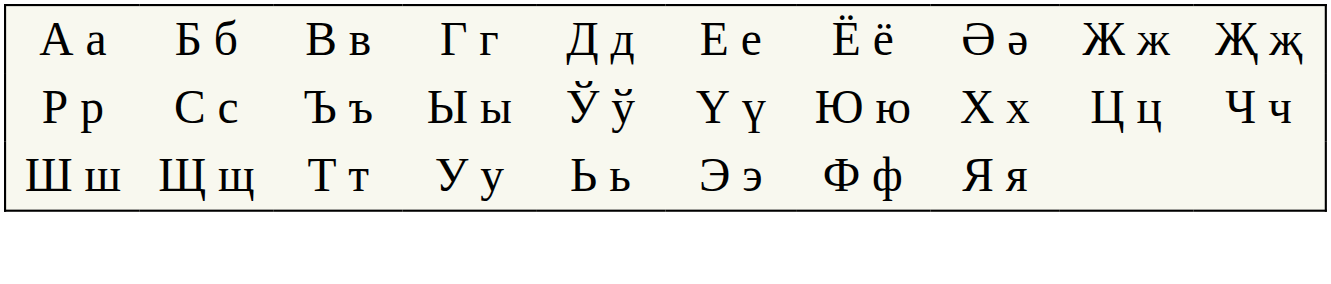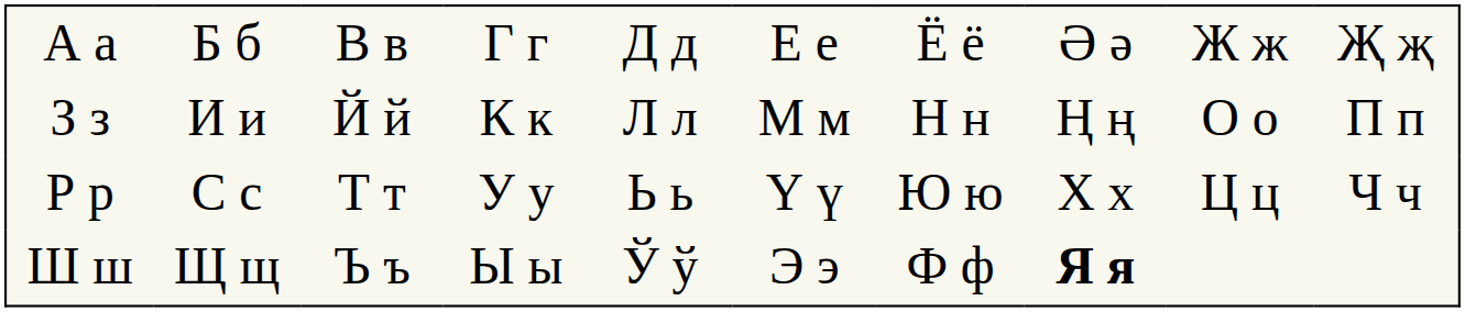 <table style="font-family:Arial Unicode MS; font-size:1.4em; border-color:#000000; border-width:1px; border-style:solid; border-collapse:collapse; background-color:#F8F8EF">
 <tr>
 <td style="width:3em; text-align:center; padding: 3px;">А а</td>
 <td style="width:3em; text-align:center; padding: 3px;">Б б</td>
 <td style="width:3em; text-align:center; padding: 3px;">В в</td>
 <td style="width:3em; text-align:center; padding: 3px;">Г г</td>
 <td style="width:3em; text-align:center; padding: 3px;">Д д</td>
 <td style="width:3em; text-align:center; padding: 3px;">Е е</td>
 <td style="width:3em; text-align:center; padding: 3px;">Ё ё</td>
 <td style="width:3em; text-align:center; padding: 3px;">Ә ә</td>
 <td style="width:3em; text-align:center; padding: 3px;">Ж ж</td>
 <td style="width:3em; text-align:center; padding: 3px;">Җ җ</td>
 </tr>
 <tr>
+<td style="width:3em; text-align:center; padding: 3px;">З з</td>
+<td style="width:3em; text-align:center; padding: 3px;">И и</td>
+<td style="width:3em; text-align:center; padding: 3px;">Й й</td>
+<td style="width:3em; text-align:center; padding: 3px;">К к</td>
+<td style="width:3em; text-align:center; padding: 3px;">Л л</td>
+<td style="width:3em; text-align:center; padding: 3px;">М м</td>
+<td style="width:3em; text-align:center; padding: 3px;">Н н</td>
+<td style="width:3em; text-align:center; padding: 3px;">Ң ң</td>
+<td style="width:3em; text-align:center; padding: 3px;">О о</td>
+<td style="width:3em; text-align:center; padding: 3px;">П п</td>
+</tr>
+<tr>
 <td style="width:3em; text-align:center; padding: 3px;">Р р</td>
 <td style="width:3em; text-align:center; padding: 3px;">С с</td>
-<td style="width:3em; text-align:center; padding: 3px;">Ъ ъ</td>
-<td style="width:3em; text-align:center; padding: 3px;">Ы ы</td>
-<td style="width:3em; text-align:center; padding: 3px;">Ў ў</td>
+<td style="width:3em; text-align:center; padding: 3px;">Т т</td>
+<td style="width:3em; text-align:center; padding: 3px;">У у</td>
+<td style="width:3em; text-align:center; padding: 3px;">Ь ь</td>
 <td style="width:3em; text-align:center; padding: 3px;">Ү ү</td>
 <td style="width:3em; text-align:center; padding: 3px;">Ю ю</td>
 <td style="width:3em; text-align:center; padding: 3px;">Х х</td>
 <td style="width:3em; text-align:center; padding: 3px;">Ц ц</td>
 <td style="width:3em; text-align:center; padding: 3px;">Ч ч</td>
 </tr>
 <tr>
 <td style="width:3em; text-align:center; padding: 3px;">Ш ш</td>
 <td style="width:3em; text-align:center; padding: 3px;">Щ щ</td>
-<td style="width:3em; text-align:center; padding: 3px;">Т т</td>
-<td style="width:3em; text-align:center; padding: 3px;">У у</td>
-<td style="width:3em; text-align:center; padding: 3px;">Ь ь</td>
+<td style="width:3em; text-align:center; padding: 3px;">Ъ ъ</td>
+<td style="width:3em; text-align:center; padding: 3px;">Ы ы</td>
+<td style="width:3em; text-align:center; padding: 3px;">Ў ў</td>
 <td style="width:3em; text-align:center; padding: 3px;">Э э</td>
 <td style="width:3em; text-align:center; padding: 3px;">Ф ф</td>
-<td style="width:3em; text-align:center; padding: 3px;">Я я</td>
+<td style="width:3em; text-align:center; padding: 3px;"><strong>Я я</strong></td>
 </tr>
 </table>
